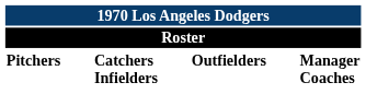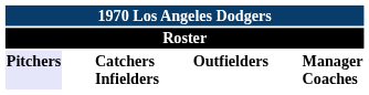 <table class="toccolours" style="font-size: 95%;">
 <tr>
 <th colspan="10" style="background-color: #083c6b; color: white; text-align: center;">1970 Los Angeles Dodgers</th>
 </tr>
 <tr>
 <td colspan="10" style="background-color: black; color: white; text-align: center;"><strong>Roster</strong></td>
 </tr>
 <tr>
-<td valign="top"><strong>Pitchers</strong><br>                  </td>
+<td valign="top" style="background: lavender;"><strong>Pitchers</strong><br>                  </td>
 <td width="25px"></td>
 <td valign="top"><strong>Catchers</strong><br>     <strong>Infielders</strong>      </td>
 <td width="25px"></td>
 <td valign="top"><strong>Outfielders</strong><br>         </td>
 <td width="25px"></td>
 <td valign="top"><strong>Manager</strong><br> <strong>Coaches</strong>      </td>
 </tr>
 </table>
